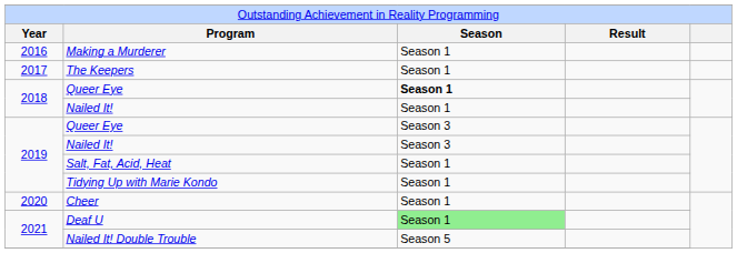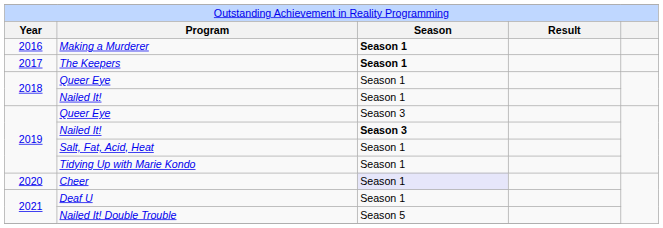 <table class="wikitable plainrowheaders" style="font-size: 90%" width=70%>
 <tr>
 </tr>
 <tr ---- bgcolor="#bfd7ff">
 <td colspan=6 align=center><a href='#'>Outstanding Achievement in Reality Programming</a></td>
 </tr>
 <tr ---- bgcolor="#ebf5ff">
 <th scope="col" style="width:7%;">Year</th>
 <th scope="col" style="width:40%;">Program</th>
 <th scope="col" style="width:20%;">Season</th>
 <th scope="col" style="width:15%;">Result</th>
 <th scope="col" class="unsortable" style="width:5%;"></th>
 </tr>
 <tr>
 <td style="text-align:center;"><a href='#'>2016</a></td>
 <td><em><a href='#'>Making a Murderer</a></em></td>
-<td>Season 1</td>
+<td><strong>Season 1</strong></td>
 <td></td>
 <td style="text-align:center;"></td>
 </tr>
 <tr>
 <td style="text-align:center;"><a href='#'>2017</a></td>
 <td><em><a href='#'>The Keepers</a></em></td>
-<td>Season 1</td>
+<td><strong>Season 1</strong></td>
 <td></td>
 <td style="text-align:center;"></td>
 </tr>
 <tr>
 <td rowspan="2" style="text-align:center;"><a href='#'>2018</a></td>
 <td><em><a href='#'>Queer Eye</a></em></td>
-<td><strong>Season 1</strong></td>
+<td>Season 1</td>
 <td></td>
 <td rowspan="2" style="text-align:center;"></td>
 </tr>
 <tr>
 <td><em><a href='#'>Nailed It!</a></em></td>
 <td>Season 1</td>
 <td></td>
 </tr>
 <tr>
 <td rowspan="4" style="text-align:center;"><a href='#'>2019</a></td>
 <td><em><a href='#'>Queer Eye</a></em></td>
 <td>Season 3</td>
 <td></td>
 <td rowspan="4" style="text-align:center;"></td>
 </tr>
 <tr>
 <td><em><a href='#'>Nailed It!</a></em></td>
-<td>Season 3</td>
+<td><strong>Season 3</strong></td>
 <td></td>
 </tr>
 <tr>
 <td><em><a href='#'>Salt, Fat, Acid, Heat</a></em></td>
 <td>Season 1</td>
 <td></td>
 </tr>
 <tr>
 <td><em><a href='#'>Tidying Up with Marie Kondo</a></em></td>
 <td>Season 1</td>
 <td></td>
 </tr>
 <tr>
 <td style="text-align:center;"><a href='#'>2020</a></td>
 <td><em><a href='#'>Cheer</a></em></td>
-<td>Season 1</td>
+<td style="background: lavender;">Season 1</td>
 <td></td>
 </tr>
 <tr>
 <td rowspan="2" style="text-align:center;"><a href='#'>2021</a></td>
 <td><em><a href='#'>Deaf U</a></em></td>
-<td style="background: lightgreen;">Season 1</td>
+<td>Season 1</td>
 <td></td>
 </tr>
 <tr>
 <td><em><a href='#'>Nailed It! Double Trouble</a></em></td>
 <td>Season 5</td>
 <td></td>
 </tr>
 <tr>
 </tr>
 </table>
